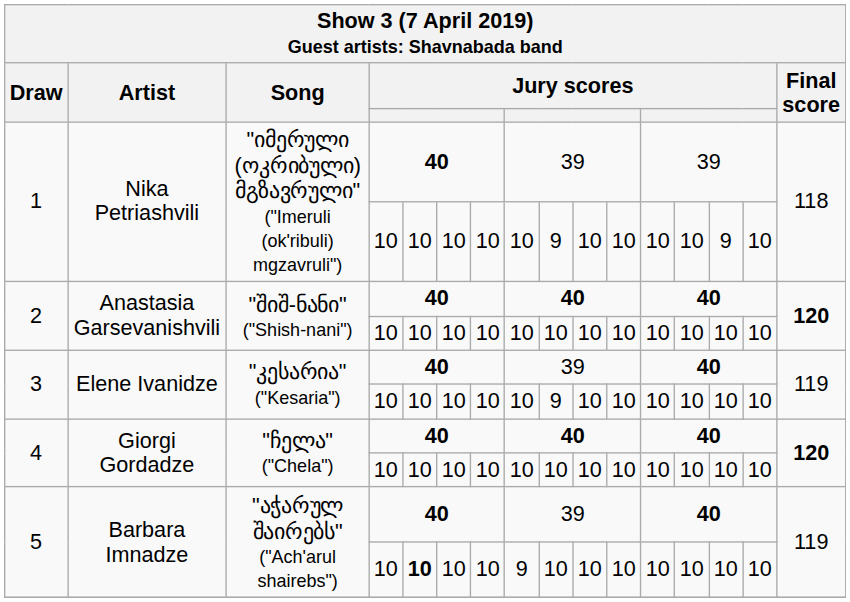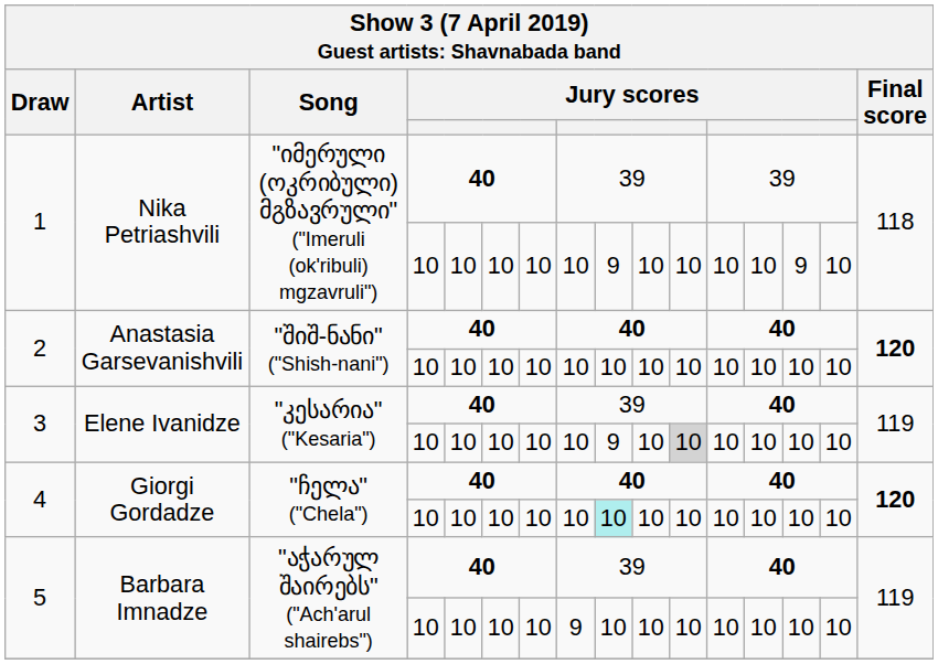 <table class="sortable wikitable" style="text-align:center;margin:1em auto 1em auto">
 <tr>
 <th colspan=16>Show 3 (7 April 2019)<br><small>Guest artists: Shavnabada band</small></th>
 </tr>
 <tr>
 <th rowspan=2>Draw</th>
 <th rowspan=2>Artist</th>
 <th rowspan=2>Song</th>
 <th colspan=12>Jury scores</th>
 <th rowspan=2>Final score</th>
 </tr>
 <tr>
 <th colspan=4><small></small></th>
 <th colspan=4><small></small></th>
 <th colspan=4><small></small></th>
 </tr>
 <tr>
 <td rowspan=2>1</td>
 <td rowspan=2>Nika Petriashvili</td>
 <td rowspan=2>"იმერული (ოკრიბული) მგზავრული"<br><small>("Imeruli (ok'ribuli) mgzavruli")</small></td>
 <td colspan=4><strong>40</strong></td>
 <td colspan=4>39</td>
 <td colspan=4>39</td>
 <td rowspan=2>118</td>
 </tr>
 <tr>
 <td>10</td>
 <td>10</td>
 <td>10</td>
 <td>10</td>
 <td>10</td>
 <td>9</td>
 <td>10</td>
 <td>10</td>
 <td>10</td>
 <td>10</td>
 <td>9</td>
 <td>10</td>
 </tr>
 <tr>
 <td rowspan=2>2</td>
 <td rowspan=2>Anastasia Garsevanishvili</td>
 <td rowspan=2>"შიშ-ნანი"<br><small>("Shish-nani")</small></td>
 <td colspan=4><strong>40</strong></td>
 <td colspan=4><strong>40</strong></td>
 <td colspan=4><strong>40</strong></td>
 <td rowspan=2><strong>120</strong></td>
 </tr>
 <tr>
 <td>10</td>
 <td>10</td>
 <td>10</td>
 <td>10</td>
 <td>10</td>
 <td>10</td>
 <td>10</td>
 <td>10</td>
 <td>10</td>
 <td>10</td>
 <td>10</td>
 <td>10</td>
 </tr>
 <tr>
 <td rowspan=2>3</td>
 <td rowspan=2>Elene Ivanidze</td>
 <td rowspan=2>"კესარია"<br><small>("Kesaria")</small></td>
 <td colspan=4><strong>40</strong></td>
 <td colspan=4>39</td>
 <td colspan=4><strong>40</strong></td>
 <td rowspan=2>119</td>
 </tr>
 <tr>
 <td>10</td>
 <td>10</td>
 <td>10</td>
 <td>10</td>
 <td>10</td>
 <td>9</td>
 <td>10</td>
-<td>10</td>
+<td style="background: lightgrey;">10</td>
 <td>10</td>
 <td>10</td>
 <td>10</td>
 <td>10</td>
 </tr>
 <tr>
 <td rowspan=2>4</td>
 <td rowspan=2>Giorgi Gordadze</td>
 <td rowspan=2>"ჩელა"<br><small>("Chela")</small></td>
 <td colspan=4><strong>40</strong></td>
 <td colspan=4><strong>40</strong></td>
 <td colspan=4><strong>40</strong></td>
 <td rowspan=2><strong>120</strong></td>
 </tr>
 <tr>
 <td>10</td>
 <td>10</td>
 <td>10</td>
 <td>10</td>
 <td>10</td>
-<td>10</td>
+<td style="background: paleturquoise;">10</td>
 <td>10</td>
 <td>10</td>
 <td>10</td>
 <td>10</td>
 <td>10</td>
 <td>10</td>
 </tr>
 <tr>
 <td rowspan=2>5</td>
 <td rowspan=2>Barbara Imnadze</td>
 <td rowspan=2>"აჭარულ შაირებს"<br><small>("Ach'arul shairebs")</small></td>
 <td colspan=4><strong>40</strong></td>
 <td colspan=4>39</td>
 <td colspan=4><strong>40</strong></td>
 <td rowspan=2>119</td>
 </tr>
 <tr>
 <td>10</td>
-<td><strong>10</strong></td>
+<td>10</td>
 <td>10</td>
 <td>10</td>
 <td>9</td>
 <td>10</td>
 <td>10</td>
 <td>10</td>
 <td>10</td>
 <td>10</td>
 <td>10</td>
 <td>10</td>
 </tr>
 <tr>
 </tr>
 </table>
